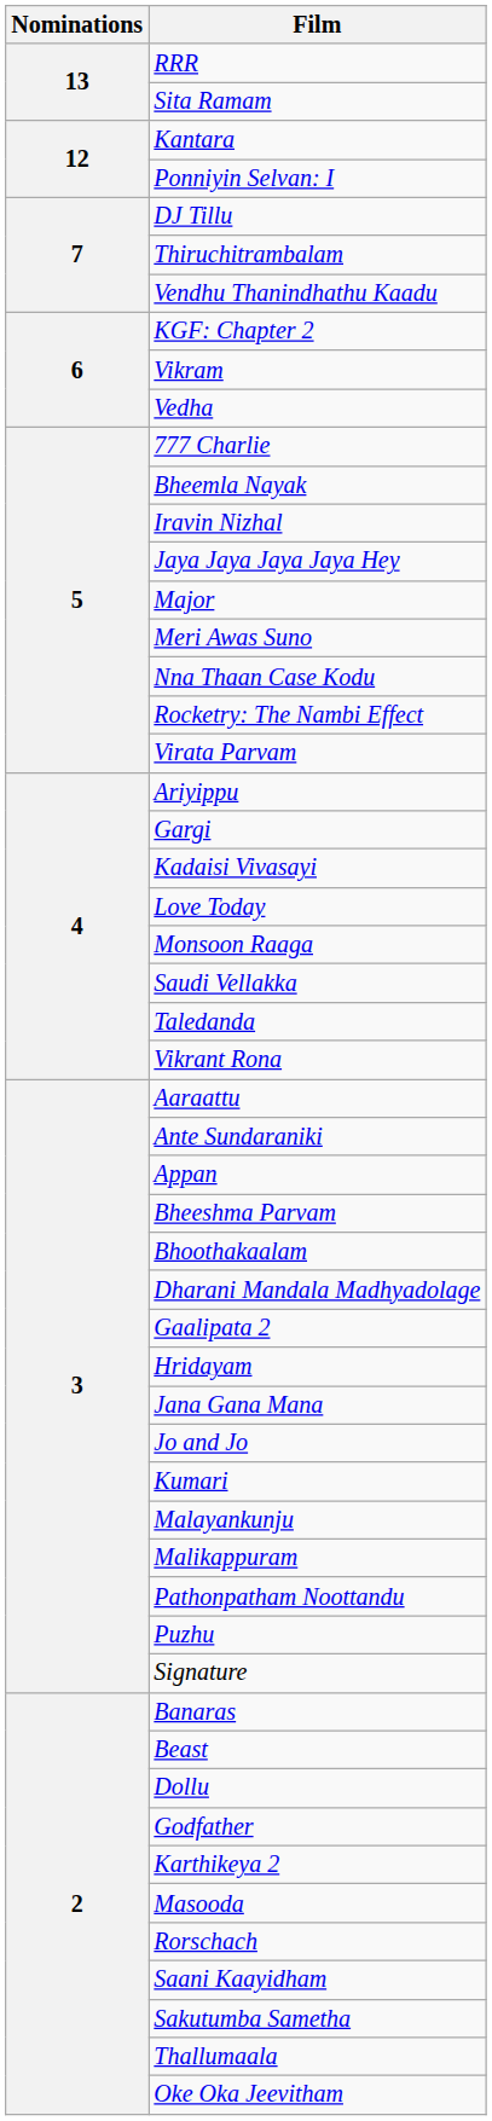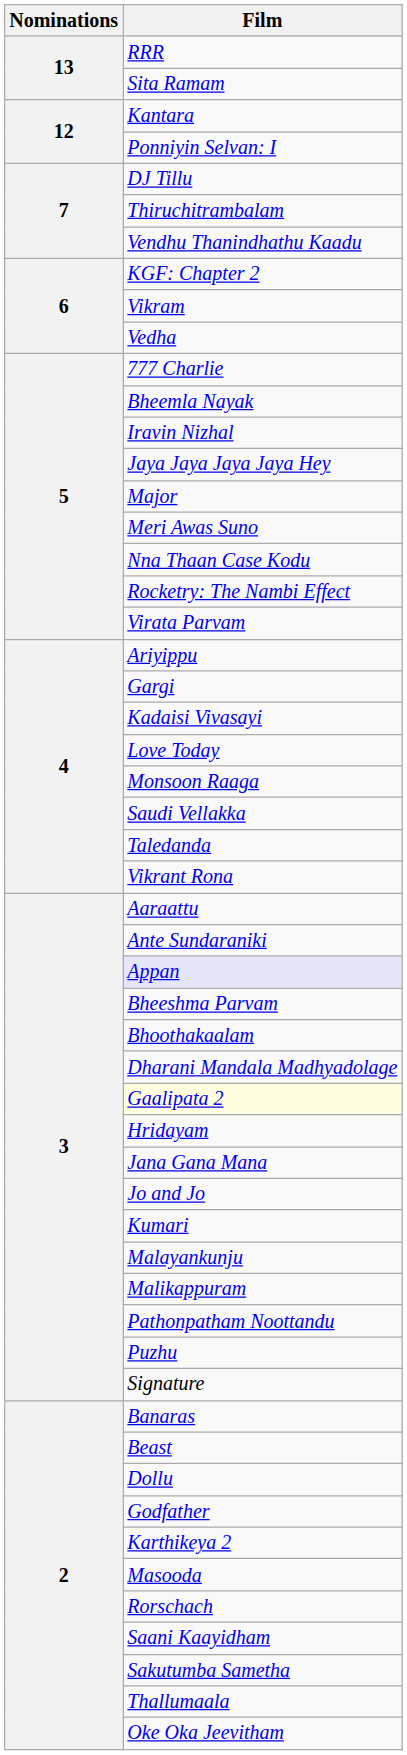 <table class="wikitable" style="display:inline-table;">
 <tr>
 <th>Nominations</th>
 <th>Film</th>
 </tr>
 <tr>
 <th rowspan="2">13</th>
 <td><em><a href='#'>RRR</a></em></td>
 </tr>
 <tr>
 <td><em><a href='#'>Sita Ramam</a></em></td>
 </tr>
 <tr>
 <th rowspan="2">12</th>
 <td><a href='#'><em>Kantara</em></a></td>
 </tr>
 <tr>
 <td><em><a href='#'>Ponniyin Selvan: I</a></em></td>
 </tr>
 <tr>
 <th rowspan="3">7</th>
 <td><em><a href='#'>DJ Tillu</a></em></td>
 </tr>
 <tr>
 <td><em><a href='#'>Thiruchitrambalam</a></em></td>
 </tr>
 <tr>
 <td><em><a href='#'>Vendhu Thanindhathu Kaadu</a></em></td>
 </tr>
 <tr>
 <th rowspan="3">6</th>
 <td><em><a href='#'>KGF: Chapter 2</a></em></td>
 </tr>
 <tr>
 <td><a href='#'><em>Vikram</em></a></td>
 </tr>
 <tr>
 <td><a href='#'><em>Vedha</em></a></td>
 </tr>
 <tr>
 <th rowspan="9">5</th>
 <td><em><a href='#'>777 Charlie</a></em></td>
 </tr>
 <tr>
 <td><em><a href='#'>Bheemla Nayak</a></em></td>
 </tr>
 <tr>
 <td><em><a href='#'>Iravin Nizhal</a></em></td>
 </tr>
 <tr>
 <td><em><a href='#'>Jaya Jaya Jaya Jaya Hey</a></em></td>
 </tr>
 <tr>
 <td><a href='#'><em>Major</em></a></td>
 </tr>
 <tr>
 <td><em><a href='#'>Meri Awas Suno</a></em></td>
 </tr>
 <tr>
 <td><em><a href='#'>Nna Thaan Case Kodu</a></em></td>
 </tr>
 <tr>
 <td><em><a href='#'>Rocketry: The Nambi Effect</a></em></td>
 </tr>
 <tr>
 <td><em><a href='#'>Virata Parvam</a></em></td>
 </tr>
 <tr>
 <th rowspan="8">4</th>
 <td><em><a href='#'>Ariyippu</a></em></td>
 </tr>
 <tr>
 <td><a href='#'><em>Gargi</em></a></td>
 </tr>
 <tr>
 <td><em><a href='#'>Kadaisi Vivasayi</a></em></td>
 </tr>
 <tr>
 <td><a href='#'><em>Love Today</em></a></td>
 </tr>
 <tr>
 <td><em><a href='#'>Monsoon Raaga</a></em></td>
 </tr>
 <tr>
 <td><em><a href='#'>Saudi Vellakka</a></em></td>
 </tr>
 <tr>
 <td><a href='#'><em>Taledanda</em></a></td>
 </tr>
 <tr>
 <td><em><a href='#'>Vikrant Rona</a></em></td>
 </tr>
 <tr>
 <th rowspan="16">3</th>
 <td><a href='#'><em>Aaraattu</em></a></td>
 </tr>
 <tr>
 <td><em><a href='#'>Ante Sundaraniki</a></em></td>
 </tr>
 <tr>
-<td><a href='#'><em>Appan</em></a></td>
+<td style="background: lavender;"><a href='#'><em>Appan</em></a></td>
 </tr>
 <tr>
 <td><em><a href='#'>Bheeshma Parvam</a></em></td>
 </tr>
 <tr>
 <td><em><a href='#'>Bhoothakaalam</a></em></td>
 </tr>
 <tr>
 <td><a href='#'><em>Dharani Mandala Madhyadolage</em></a></td>
 </tr>
 <tr>
-<td><em><a href='#'>Gaalipata 2</a></em></td>
+<td style="background: lightyellow;"><em><a href='#'>Gaalipata 2</a></em></td>
 </tr>
 <tr>
 <td><em><a href='#'>Hridayam</a></em></td>
 </tr>
 <tr>
 <td><a href='#'><em>Jana Gana Mana</em></a></td>
 </tr>
 <tr>
 <td><em><a href='#'>Jo and Jo</a></em></td>
 </tr>
 <tr>
 <td><a href='#'><em>Kumari</em></a></td>
 </tr>
 <tr>
 <td><em><a href='#'>Malayankunju</a></em></td>
 </tr>
 <tr>
 <td><em><a href='#'>Malikappuram</a></em></td>
 </tr>
 <tr>
 <td><em><a href='#'>Pathonpatham Noottandu</a></em></td>
 </tr>
 <tr>
 <td><em><a href='#'>Puzhu</a></em></td>
 </tr>
 <tr>
 <td><em>Signature</em></td>
 </tr>
 <tr>
 <th rowspan="11">2</th>
 <td><a href='#'><em>Banaras</em></a></td>
 </tr>
 <tr>
 <td><a href='#'><em>Beast</em></a></td>
 </tr>
 <tr>
 <td><a href='#'><em>Dollu</em></a></td>
 </tr>
 <tr>
 <td><a href='#'><em>Godfather</em></a></td>
 </tr>
 <tr>
 <td><em><a href='#'>Karthikeya 2</a></em></td>
 </tr>
 <tr>
 <td><em><a href='#'>Masooda</a></em></td>
 </tr>
 <tr>
 <td><a href='#'><em>Rorschach</em></a></td>
 </tr>
 <tr>
 <td><em><a href='#'>Saani Kaayidham</a></em></td>
 </tr>
 <tr>
 <td><em><a href='#'>Sakutumba Sametha</a></em></td>
 </tr>
 <tr>
 <td><em><a href='#'>Thallumaala</a></em></td>
 </tr>
 <tr>
 <td><em><a href='#'>Oke Oka Jeevitham</a></em></td>
 </tr>
 </table>
